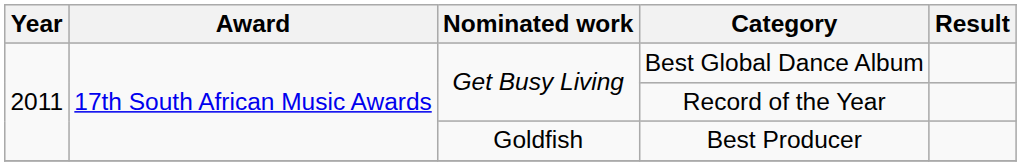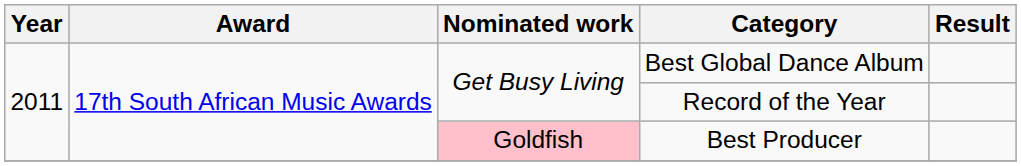 <table class="wikitable plainrowheaders" style="text-align:center;">
 <tr>
 <th>Year</th>
 <th>Award</th>
 <th>Nominated work</th>
 <th>Category</th>
 <th>Result</th>
 </tr>
 <tr>
 <td rowspan="3">2011</td>
 <td rowspan="3"><a href='#'>17th South African Music Awards</a></td>
 <td rowspan="2"><em>Get Busy Living</em></td>
 <td>Best Global Dance Album</td>
 <td></td>
 </tr>
 <tr>
 <td>Record of the Year</td>
 <td></td>
 </tr>
 <tr>
-<td>Goldfish</td>
+<td style="background: pink;">Goldfish</td>
 <td>Best Producer</td>
 <td></td>
 </tr>
 <tr>
 </tr>
 </table>
